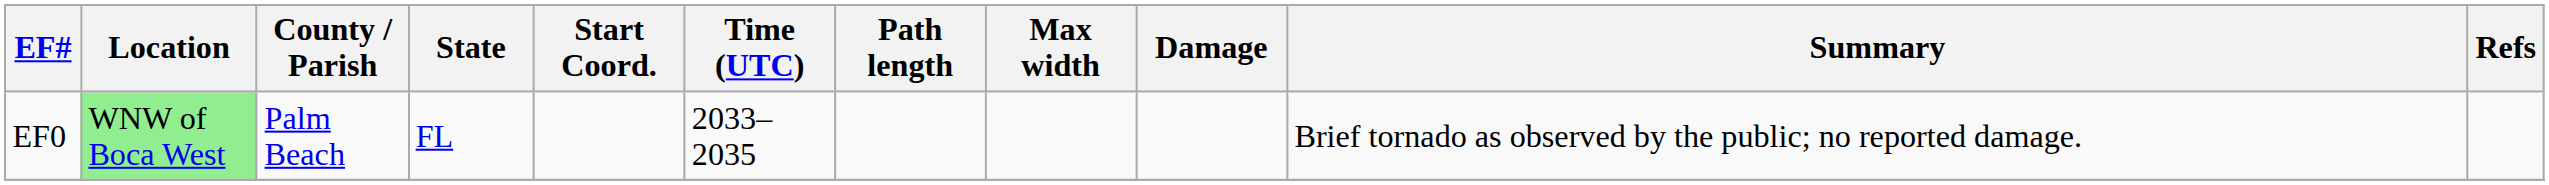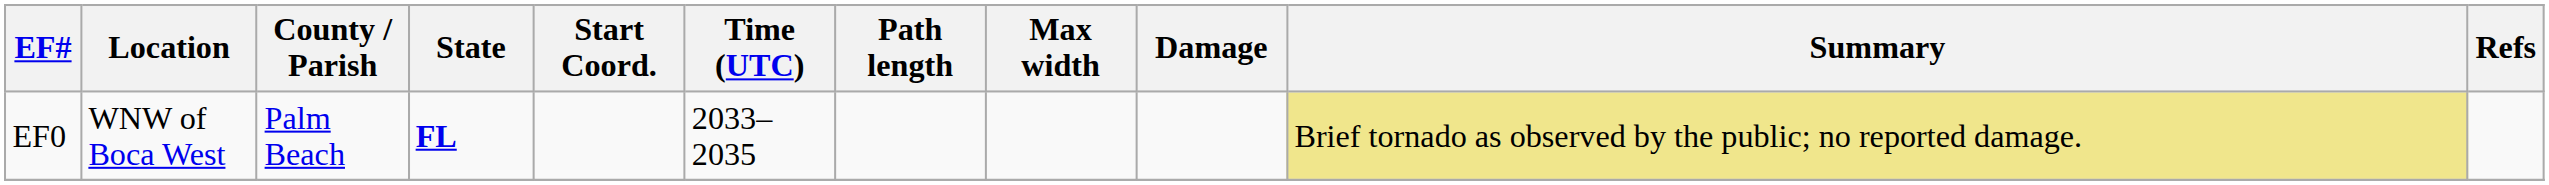 <table class="wikitable sortable" style="width:100%;">
 <tr>
 <th scope="col" width="3%" align="center"><a href='#'>EF#</a></th>
 <th scope="col" width="7%" align="center" class="unsortable">Location</th>
 <th scope="col" width="6%" align="center" class="unsortable">County / Parish</th>
 <th scope="col" width="5%" align="center">State</th>
 <th scope="col" width="6%" align="center">Start Coord.</th>
 <th scope="col" width="6%" align="center">Time (<a href='#'>UTC</a>)</th>
 <th scope="col" width="6%" align="center">Path length</th>
 <th scope="col" width="6%" align="center">Max width</th>
 <th scope="col" width="6%" align="center">Damage</th>
 <th scope="col" width="48%" class="unsortable" align="center">Summary</th>
 <th scope="col" width="48%" class="unsortable" align="center">Refs</th>
 </tr>
 <tr>
 <td>EF0</td>
-<td style="background: lightgreen;">WNW of <a href='#'>Boca West</a></td>
+<td>WNW of <a href='#'>Boca West</a></td>
 <td><a href='#'>Palm Beach</a></td>
-<td><a href='#'>FL</a></td>
+<td><strong><a href='#'>FL</a></strong></td>
 <td></td>
 <td>2033–2035</td>
 <td></td>
 <td></td>
 <td></td>
-<td>Brief tornado as observed by the public; no reported damage.</td>
+<td style="background: khaki;">Brief tornado as observed by the public; no reported damage.</td>
 <td></td>
 </tr>
 <tr>
 </tr>
 </table>
